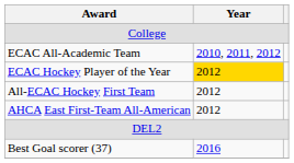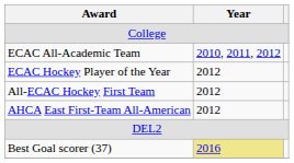 <table class="wikitable">
 <tr>
 <th>Award</th>
 <th>Year</th>
 <th></th>
 </tr>
 <tr ALIGN="center" bgcolor="#e0e0e0">
 <td colspan="3"><a href='#'>College</a></td>
 </tr>
 <tr>
 <td>ECAC All-Academic Team</td>
 <td><a href='#'>2010</a>, <a href='#'>2011</a>, <a href='#'>2012</a></td>
 <td></td>
 </tr>
 <tr>
 <td><a href='#'>ECAC Hockey</a> Player of the Year</td>
-<td style="background: gold;">2012</td>
+<td>2012</td>
 <td></td>
 </tr>
 <tr>
 <td>All-<a href='#'>ECAC Hockey</a> <a href='#'>First Team</a></td>
 <td>2012</td>
 <td></td>
 </tr>
 <tr>
 <td><a href='#'>AHCA</a> <a href='#'>East First-Team All-American</a></td>
 <td>2012</td>
 <td></td>
 </tr>
 <tr ALIGN="center" bgcolor="#e0e0e0">
 <td colspan="3"><a href='#'>DEL2</a></td>
 </tr>
 <tr>
 <td>Best Goal scorer (37)</td>
-<td><a href='#'>2016</a></td>
+<td style="background: khaki;"><a href='#'>2016</a></td>
 <td></td>
 </tr>
 <tr>
 </tr>
 </table>
